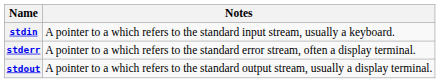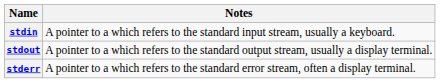 <table class="wikitable">
 <tr>
 <th>Name</th>
 <th>Notes</th>
 </tr>
 <tr>
 <th style="font-family:monospace"><a href='#'>stdin</a></th>
 <td>A pointer to a  which refers to the standard input stream, usually a keyboard.</td>
 </tr>
 <tr>
+<th style="font-family:monospace"><a href='#'>stdout</a></th>
+<td>A pointer to a  which refers to the standard output stream, usually a display terminal.</td>
+</tr>
+<tr>
 <th style="font-family:monospace"><a href='#'>stderr</a></th>
 <td>A pointer to a  which refers to the standard error stream, often a display terminal.</td>
 </tr>
-<tr>
-<th style="font-family:monospace"><a href='#'>stdout</a></th>
-<td>A pointer to a  which refers to the standard output stream, usually a display terminal.</td>
-</tr>
 </table>
